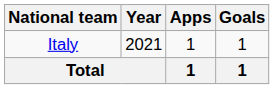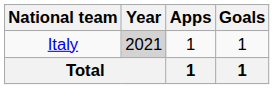 <table class="wikitable" style="text-align:center">
 <tr>
 <th>National team</th>
 <th>Year</th>
 <th>Apps</th>
 <th>Goals</th>
 </tr>
 <tr>
 <td rowspan="1"><a href='#'>Italy</a></td>
-<td>2021</td>
+<td style="background: lightgrey;">2021</td>
 <td>1</td>
 <td>1</td>
 </tr>
 <tr>
 <th colspan="2">Total</th>
 <th>1</th>
 <th>1</th>
 </tr>
 </table>
